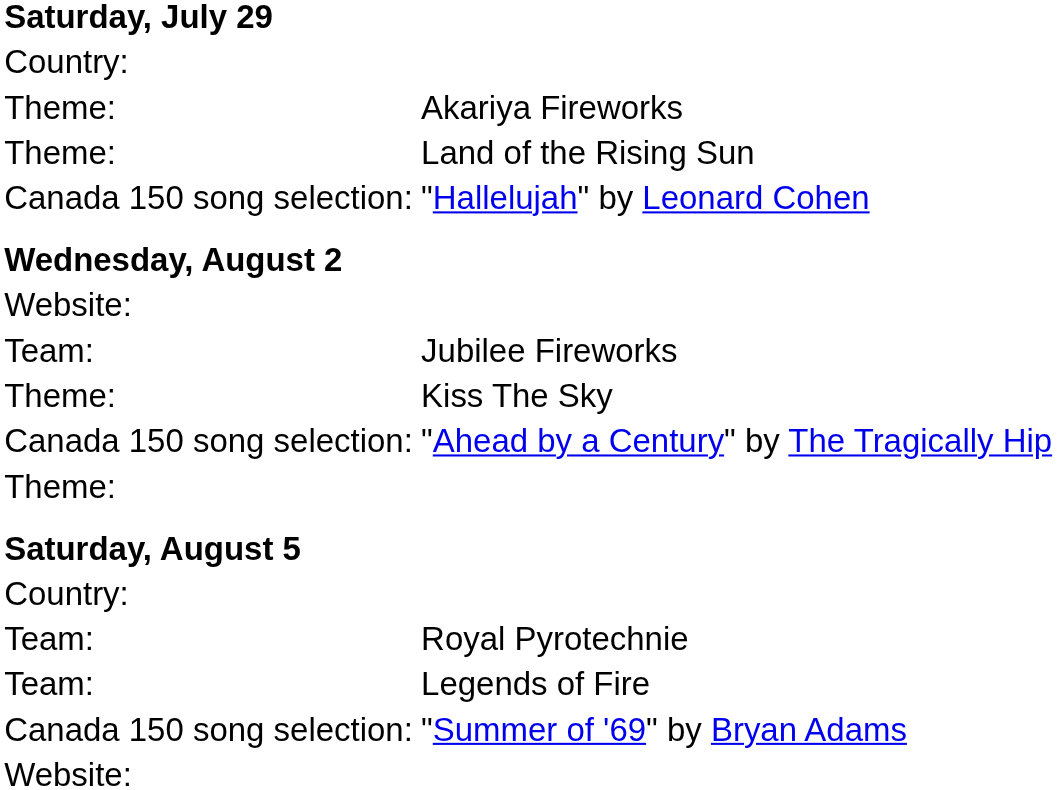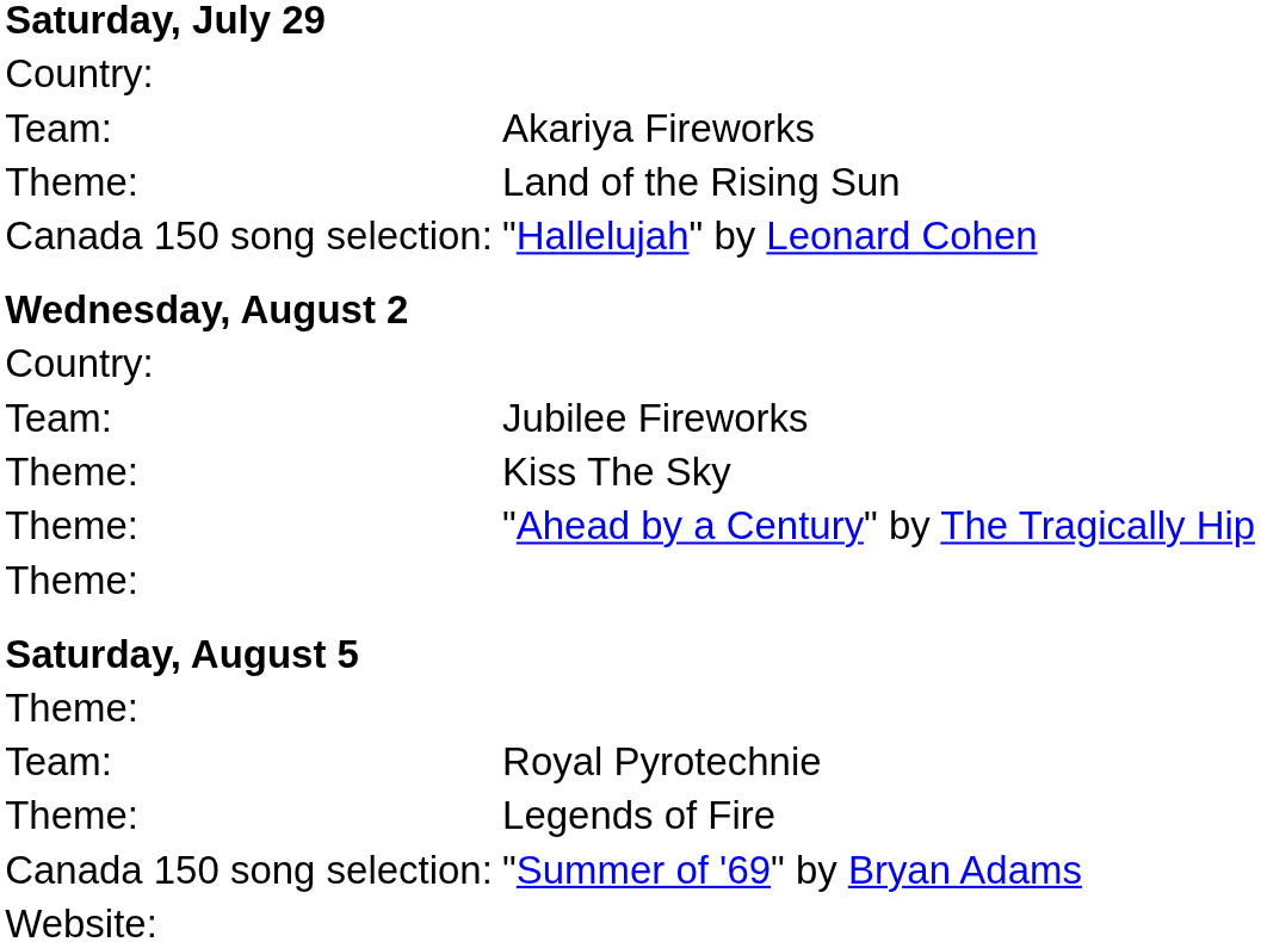 <table border="0">
 <tr>
 <td colspan="2"><strong>Saturday, July 29</strong></td>
 </tr>
 <tr>
 <td>Country:</td>
 <td></td>
 </tr>
 <tr>
-<td>Theme:</td>
+<td>Team:</td>
 <td>Akariya Fireworks</td>
 </tr>
 <tr>
 <td>Theme:</td>
 <td>Land of the Rising Sun</td>
 </tr>
 <tr>
 <td>Canada 150 song selection:</td>
 <td>"<a href='#'>Hallelujah</a>" by <a href='#'>Leonard Cohen</a></td>
 </tr>
 <tr>
 <td colspan="2"></td>
 </tr>
 <tr>
 <td></td>
 </tr>
 <tr>
 <td colspan="2"><strong>Wednesday, August 2</strong></td>
 </tr>
 <tr>
-<td>Website:</td>
+<td>Country:</td>
 <td></td>
 </tr>
 <tr>
 <td>Team:</td>
 <td>Jubilee Fireworks</td>
 </tr>
 <tr>
 <td>Theme:</td>
 <td>Kiss The Sky</td>
 </tr>
 <tr>
-<td>Canada 150 song selection:</td>
+<td>Theme:</td>
 <td>"<a href='#'>Ahead by a Century</a>" by <a href='#'>The Tragically Hip</a></td>
 </tr>
 <tr>
 <td>Theme:</td>
 <td></td>
 </tr>
 <tr>
 <td colspan="2"></td>
 </tr>
 <tr>
 <td></td>
 </tr>
 <tr>
 <td colspan="2"><strong>Saturday, August 5</strong></td>
 </tr>
 <tr>
-<td>Country:</td>
+<td>Theme:</td>
 <td></td>
 </tr>
 <tr>
 <td>Team:</td>
 <td>Royal Pyrotechnie</td>
 </tr>
 <tr>
-<td>Team:</td>
+<td>Theme:</td>
 <td>Legends of Fire</td>
 </tr>
 <tr>
 <td>Canada 150 song selection:</td>
 <td>"<a href='#'>Summer of '69</a>" by <a href='#'>Bryan Adams</a></td>
 </tr>
 <tr>
 <td>Website:</td>
 <td></td>
 </tr>
 <tr>
 <td colspan="2"></td>
 </tr>
 </table>
